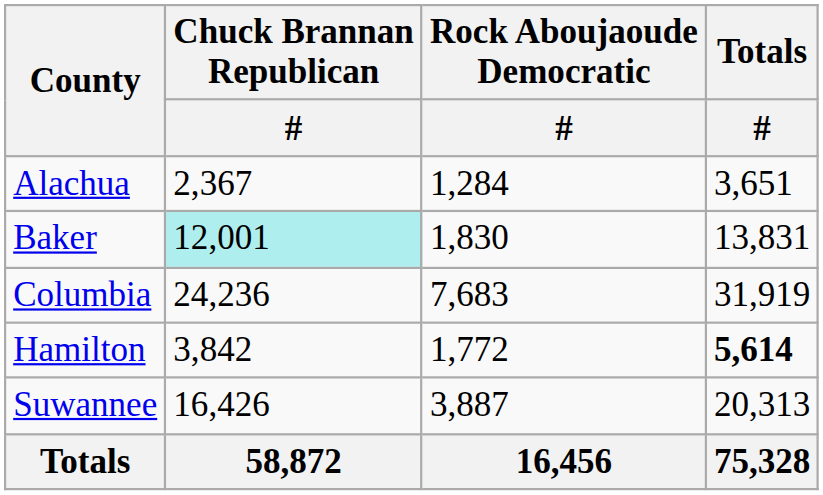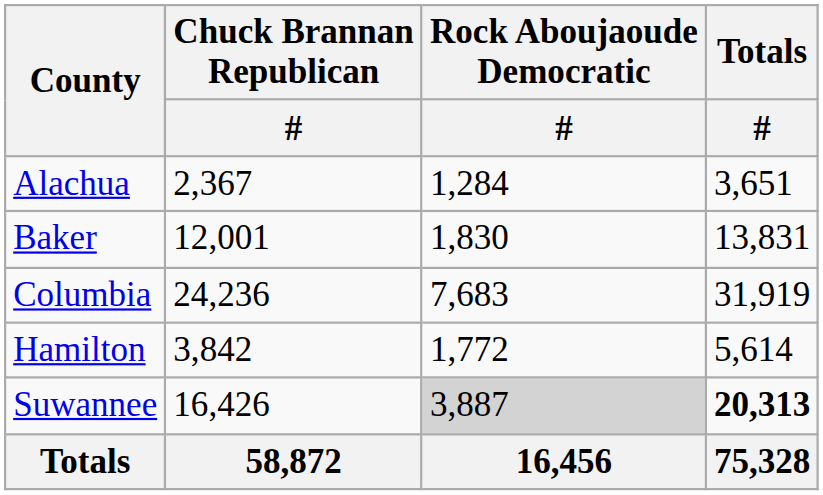 <table class="wikitable">
 <tr>
 <th rowspan="2">County</th>
 <th>Chuck Brannan<br>Republican</th>
 <th>Rock Aboujaoude<br>Democratic</th>
 <th>Totals</th>
 </tr>
 <tr>
 <th>#</th>
 <th>#</th>
 <th>#</th>
 </tr>
 <tr>
 <td><a href='#'>Alachua</a></td>
 <td>2,367</td>
 <td>1,284</td>
 <td>3,651</td>
 </tr>
 <tr>
 <td><a href='#'>Baker</a></td>
-<td style="background: paleturquoise;">12,001</td>
+<td>12,001</td>
 <td>1,830</td>
 <td>13,831</td>
 </tr>
 <tr>
 <td><a href='#'>Columbia</a></td>
 <td>24,236</td>
 <td>7,683</td>
 <td>31,919</td>
 </tr>
 <tr>
 <td><a href='#'>Hamilton</a></td>
 <td>3,842</td>
 <td>1,772</td>
-<td><strong>5,614</strong></td>
+<td>5,614</td>
 </tr>
 <tr>
 <td><a href='#'>Suwannee</a></td>
 <td>16,426</td>
-<td>3,887</td>
-<td>20,313</td>
+<td style="background: lightgrey;">3,887</td>
+<td><strong>20,313</strong></td>
 </tr>
 <tr>
 <th>Totals</th>
 <th>58,872</th>
 <th>16,456</th>
 <th>75,328</th>
 </tr>
 </table>
